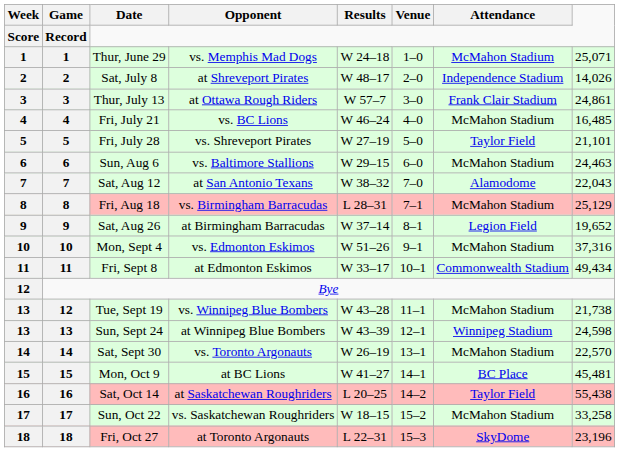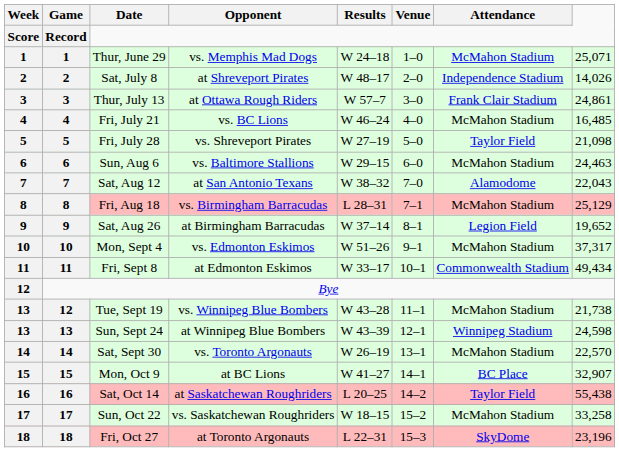 <table class="wikitable" style="text-align:center">
 <tr>
 <th>Week</th>
 <th>Game</th>
 <th>Date</th>
 <th>Opponent</th>
 <th>Results</th>
 <th>Venue</th>
 <th>Attendance</th>
 </tr>
 <tr>
 <th>Score</th>
 <th>Record</th>
 </tr>
 <tr style="background:#ddffdd">
 <th>1</th>
 <th>1</th>
 <td>Thur, June 29</td>
 <td>vs. <a href='#'>Memphis Mad Dogs</a></td>
 <td>W 24–18</td>
 <td>1–0</td>
 <td><a href='#'>McMahon Stadium</a></td>
 <td>25,071</td>
 </tr>
 <tr style="background:#ddffdd">
 <th>2</th>
 <th>2</th>
 <td>Sat, July 8</td>
 <td>at <a href='#'>Shreveport Pirates</a></td>
 <td>W 48–17</td>
 <td>2–0</td>
 <td><a href='#'>Independence Stadium</a></td>
 <td>14,026</td>
 </tr>
 <tr style="background:#ddffdd">
 <th>3</th>
 <th>3</th>
 <td>Thur, July 13</td>
 <td>at <a href='#'>Ottawa Rough Riders</a></td>
 <td>W 57–7</td>
 <td>3–0</td>
 <td><a href='#'>Frank Clair Stadium</a></td>
 <td>24,861</td>
 </tr>
 <tr style="background:#ddffdd">
 <th>4</th>
 <th>4</th>
 <td>Fri, July 21</td>
 <td>vs. <a href='#'>BC Lions</a></td>
 <td>W 46–24</td>
 <td>4–0</td>
 <td>McMahon Stadium</td>
 <td>16,485</td>
 </tr>
 <tr style="background:#ddffdd">
 <th>5</th>
 <th>5</th>
 <td>Fri, July 28</td>
 <td>vs. Shreveport Pirates</td>
 <td>W 27–19</td>
 <td>5–0</td>
 <td><a href='#'>Taylor Field</a></td>
-<td>21,101</td>
+<td>21,098</td>
 </tr>
 <tr style="background:#ddffdd">
 <th>6</th>
 <th>6</th>
 <td>Sun, Aug 6</td>
 <td>vs. <a href='#'>Baltimore Stallions</a></td>
 <td>W 29–15</td>
 <td>6–0</td>
 <td>McMahon Stadium</td>
 <td>24,463</td>
 </tr>
 <tr style="background:#ddffdd">
 <th>7</th>
 <th>7</th>
 <td>Sat, Aug 12</td>
 <td>at <a href='#'>San Antonio Texans</a></td>
 <td>W 38–32</td>
 <td>7–0</td>
 <td><a href='#'>Alamodome</a></td>
 <td>22,043</td>
 </tr>
 <tr style="background:#ffbbbb">
 <th>8</th>
 <th>8</th>
 <td>Fri, Aug 18</td>
 <td>vs. <a href='#'>Birmingham Barracudas</a></td>
 <td>L 28–31</td>
 <td>7–1</td>
 <td>McMahon Stadium</td>
 <td>25,129</td>
 </tr>
 <tr align="center" bgcolor="#ddffdd">
 <th>9</th>
 <th>9</th>
 <td>Sat, Aug 26</td>
 <td>at Birmingham Barracudas</td>
 <td>W 37–14</td>
 <td>8–1</td>
 <td><a href='#'>Legion Field</a></td>
 <td>19,652</td>
 </tr>
 <tr style="background:#ddffdd">
 <th>10</th>
 <th>10</th>
 <td>Mon, Sept 4</td>
 <td>vs. <a href='#'>Edmonton Eskimos</a></td>
 <td>W 51–26</td>
 <td>9–1</td>
 <td>McMahon Stadium</td>
-<td>37,316</td>
+<td>37,317</td>
 </tr>
 <tr style="background:#ddffdd">
 <th>11</th>
 <th>11</th>
 <td>Fri, Sept 8</td>
 <td>at Edmonton Eskimos</td>
 <td>W 33–17</td>
 <td>10–1</td>
 <td><a href='#'>Commonwealth Stadium</a></td>
 <td>49,434</td>
 </tr>
 <tr>
 <th>12</th>
 <td colspan=7><em><a href='#'>Bye</a></em></td>
 </tr>
 <tr style="background:#ddffdd">
 <th>13</th>
 <th>12</th>
 <td>Tue, Sept 19</td>
 <td>vs. <a href='#'>Winnipeg Blue Bombers</a></td>
 <td>W 43–28</td>
 <td>11–1</td>
 <td>McMahon Stadium</td>
 <td>21,738</td>
 </tr>
 <tr style="background:#ddffdd">
 <th>13</th>
 <th>13</th>
 <td>Sun, Sept 24</td>
 <td>at Winnipeg Blue Bombers</td>
 <td>W 43–39</td>
 <td>12–1</td>
 <td><a href='#'>Winnipeg Stadium</a></td>
 <td>24,598</td>
 </tr>
 <tr style="background:#ddffdd">
 <th>14</th>
 <th>14</th>
 <td>Sat, Sept 30</td>
 <td>vs. <a href='#'>Toronto Argonauts</a></td>
 <td>W 26–19</td>
 <td>13–1</td>
 <td>McMahon Stadium</td>
 <td>22,570</td>
 </tr>
 <tr style="background:#ddffdd">
 <th>15</th>
 <th>15</th>
 <td>Mon, Oct 9</td>
 <td>at BC Lions</td>
 <td>W 41–27</td>
 <td>14–1</td>
 <td><a href='#'>BC Place</a></td>
-<td>45,481</td>
+<td>32,907</td>
 </tr>
 <tr style="background:#ffbbbb">
 <th>16</th>
 <th>16</th>
 <td>Sat, Oct 14</td>
 <td>at <a href='#'>Saskatchewan Roughriders</a></td>
 <td>L 20–25</td>
 <td>14–2</td>
 <td><a href='#'>Taylor Field</a></td>
 <td>55,438</td>
 </tr>
 <tr style="background:#ddffdd">
 <th>17</th>
 <th>17</th>
 <td>Sun, Oct 22</td>
 <td>vs. Saskatchewan Roughriders</td>
 <td>W 18–15</td>
 <td>15–2</td>
 <td>McMahon Stadium</td>
 <td>33,258</td>
 </tr>
 <tr style="background:#ffbbbb">
 <th>18</th>
 <th>18</th>
 <td>Fri, Oct 27</td>
 <td>at Toronto Argonauts</td>
 <td>L 22–31</td>
 <td>15–3</td>
 <td><a href='#'>SkyDome</a></td>
 <td>23,196</td>
 </tr>
 </table>
